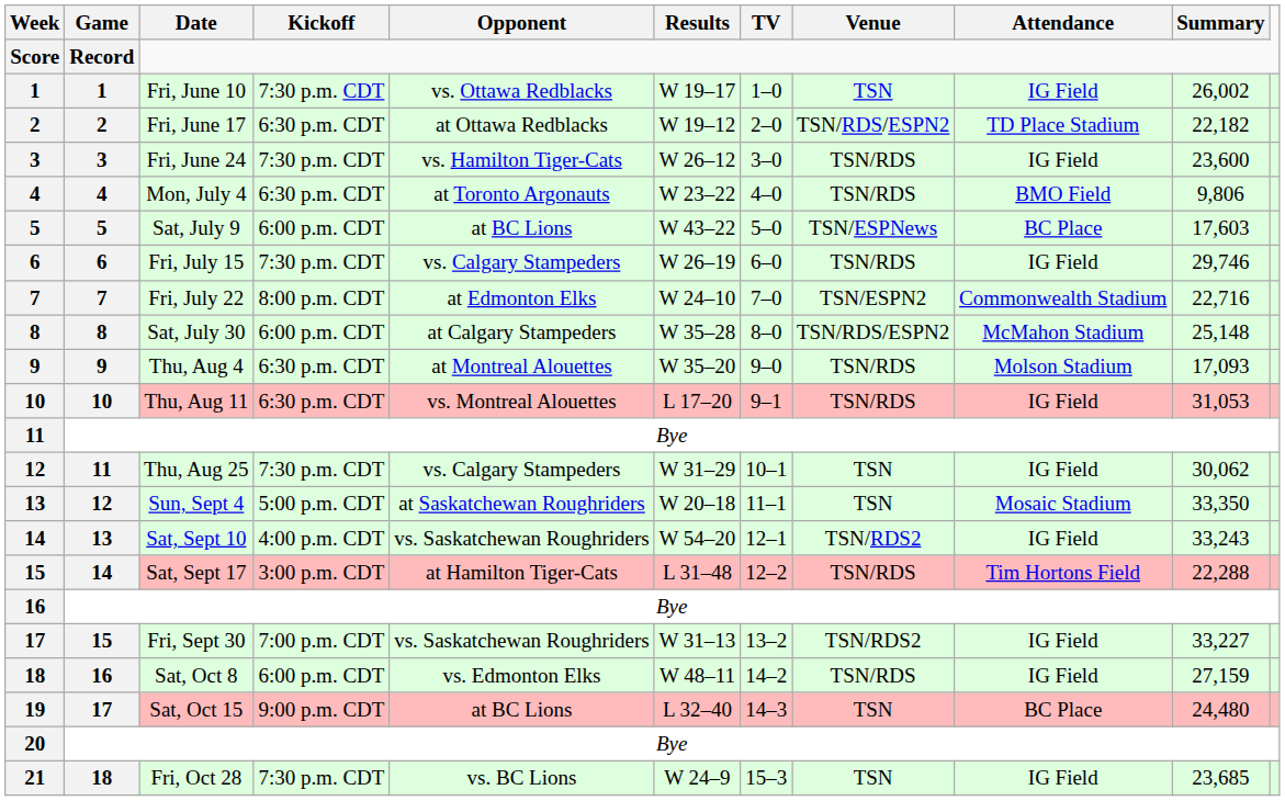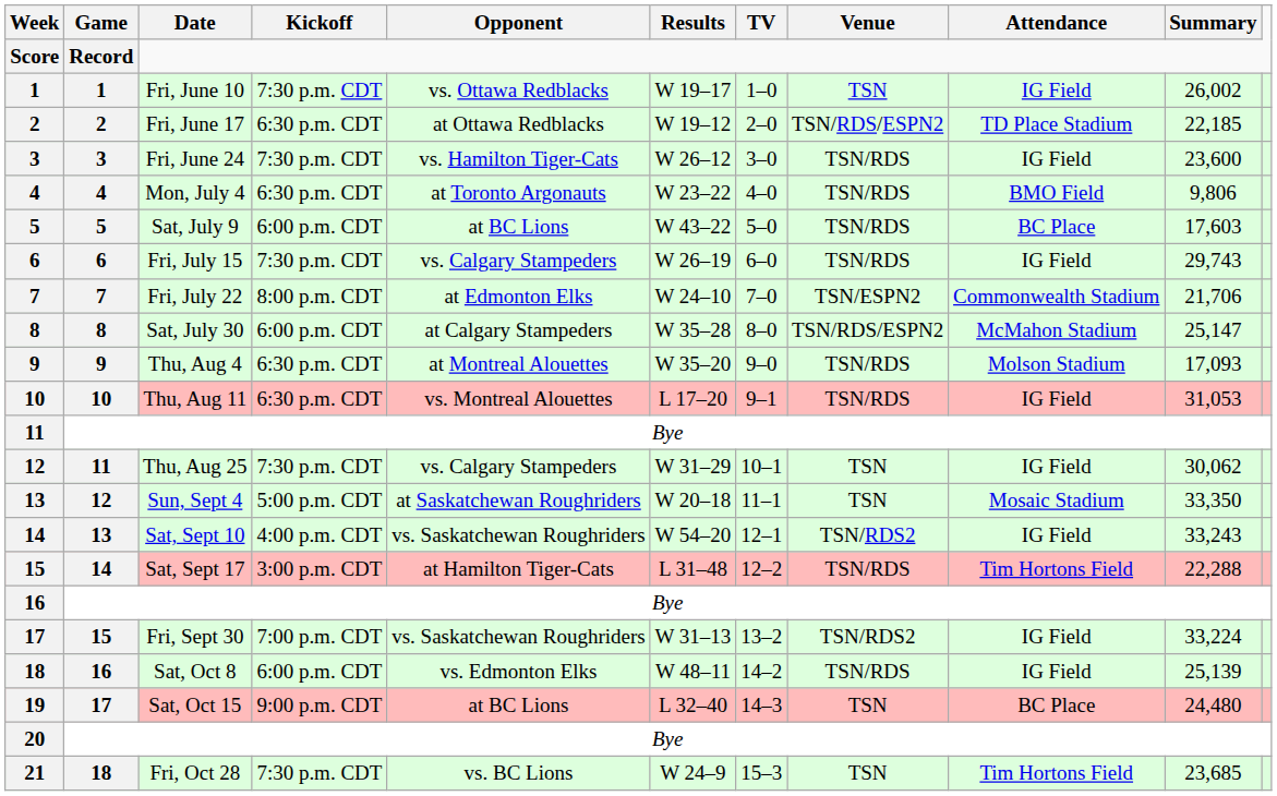 <table class="wikitable" style="font-size: 95%;">
 <tr>
 <th scope="col">Week</th>
 <th scope="col">Game</th>
 <th scope="col">Date</th>
 <th scope="col">Kickoff</th>
 <th scope="col">Opponent</th>
 <th scope="col">Results</th>
 <th scope="col">TV</th>
 <th scope="col">Venue</th>
 <th scope="col">Attendance</th>
 <th scope="col">Summary</th>
 </tr>
 <tr>
 <th scope="col">Score</th>
 <th scope="col">Record</th>
 </tr>
 <tr align="center"= bgcolor="ddffdd">
 <th align="center">1</th>
 <th align="center">1</th>
 <td align="center">Fri, June 10</td>
 <td align="center">7:30 p.m. <a href='#'>CDT</a></td>
 <td align="center">vs. <a href='#'>Ottawa Redblacks</a></td>
 <td align="center">W 19–17</td>
 <td align="center">1–0</td>
 <td align="center"><a href='#'>TSN</a></td>
 <td align="center"><a href='#'>IG Field</a></td>
 <td align="center">26,002</td>
 <td align="center"></td>
 </tr>
 <tr align="center"= bgcolor="ddffdd">
 <th align="center">2</th>
 <th align="center">2</th>
 <td align="center">Fri, June 17</td>
 <td align="center">6:30 p.m. CDT</td>
 <td align="center">at Ottawa Redblacks</td>
 <td align="center">W 19–12</td>
 <td align="center">2–0</td>
 <td align="center">TSN/<a href='#'>RDS</a>/<a href='#'>ESPN2</a></td>
 <td align="center"><a href='#'>TD Place Stadium</a></td>
-<td align="center">22,182</td>
+<td align="center">22,185</td>
 <td align="center"></td>
 </tr>
 <tr align="center"= bgcolor="ddffdd">
 <th align="center">3</th>
 <th align="center">3</th>
 <td align="center">Fri, June 24</td>
 <td align="center">7:30 p.m. CDT</td>
 <td align="center">vs. <a href='#'>Hamilton Tiger-Cats</a></td>
 <td align="center">W 26–12</td>
 <td align="center">3–0</td>
 <td align="center">TSN/RDS</td>
 <td align="center">IG Field</td>
 <td align="center">23,600</td>
 <td align="center"></td>
 </tr>
 <tr align="center"= bgcolor="ddffdd">
 <th align="center">4</th>
 <th align="center">4</th>
 <td align="center">Mon, July 4</td>
 <td align="center">6:30 p.m. CDT</td>
 <td align="center">at <a href='#'>Toronto Argonauts</a></td>
 <td align="center">W 23–22</td>
 <td align="center">4–0</td>
 <td align="center">TSN/RDS</td>
 <td align="center"><a href='#'>BMO Field</a></td>
 <td align="center">9,806</td>
 <td align="center"></td>
 </tr>
 <tr align="center"= bgcolor="ddffdd">
 <th align="center">5</th>
 <th align="center">5</th>
 <td align="center">Sat, July 9</td>
 <td align="center">6:00 p.m. CDT</td>
 <td align="center">at <a href='#'>BC Lions</a></td>
 <td align="center">W 43–22</td>
 <td align="center">5–0</td>
-<td align="center">TSN/<a href='#'>ESPNews</a></td>
+<td align="center">TSN/RDS</td>
 <td align="center"><a href='#'>BC Place</a></td>
 <td align="center">17,603</td>
 <td align="center"></td>
 </tr>
 <tr align="center"= bgcolor="ddffdd">
 <th align="center">6</th>
 <th align="center">6</th>
 <td align="center">Fri, July 15</td>
 <td align="center">7:30 p.m. CDT</td>
 <td align="center">vs. <a href='#'>Calgary Stampeders</a></td>
 <td align="center">W 26–19</td>
 <td align="center">6–0</td>
 <td align="center">TSN/RDS</td>
 <td align="center">IG Field</td>
-<td align="center">29,746</td>
+<td align="center">29,743</td>
 <td align="center"></td>
 </tr>
 <tr align="center"= bgcolor="ddffdd">
 <th align="center">7</th>
 <th align="center">7</th>
 <td align="center">Fri, July 22</td>
 <td align="center">8:00 p.m. CDT</td>
 <td align="center">at <a href='#'>Edmonton Elks</a></td>
 <td align="center">W 24–10</td>
 <td align="center">7–0</td>
 <td align="center">TSN/ESPN2</td>
 <td align="center"><a href='#'>Commonwealth Stadium</a></td>
-<td align="center">22,716</td>
+<td align="center">21,706</td>
 <td align="center"></td>
 </tr>
 <tr align="center"= bgcolor="ddffdd">
 <th align="center">8</th>
 <th align="center">8</th>
 <td align="center">Sat, July 30</td>
 <td align="center">6:00 p.m. CDT</td>
 <td align="center">at Calgary Stampeders</td>
 <td align="center">W 35–28</td>
 <td align="center">8–0</td>
 <td align="center">TSN/RDS/ESPN2</td>
 <td align="center"><a href='#'>McMahon Stadium</a></td>
-<td align="center">25,148</td>
+<td align="center">25,147</td>
 <td align="center"></td>
 </tr>
 <tr align="center"= bgcolor="ddffdd">
 <th align="center">9</th>
 <th align="center">9</th>
 <td align="center">Thu, Aug 4</td>
 <td align="center">6:30 p.m. CDT</td>
 <td align="center">at <a href='#'>Montreal Alouettes</a></td>
 <td align="center">W 35–20</td>
 <td align="center">9–0</td>
 <td align="center">TSN/RDS</td>
 <td align="center"><a href='#'>Molson Stadium</a></td>
 <td align="center">17,093</td>
 <td align="center"></td>
 </tr>
 <tr align="center"= bgcolor="ffbbbb">
 <th align="center">10</th>
 <th align="center">10</th>
 <td align="center">Thu, Aug 11</td>
 <td align="center">6:30 p.m. CDT</td>
 <td align="center">vs. Montreal Alouettes</td>
 <td align="center">L 17–20 </td>
 <td align="center">9–1</td>
 <td align="center">TSN/RDS</td>
 <td align="center">IG Field</td>
 <td align="center">31,053</td>
 <td align="center"></td>
 </tr>
 <tr align="center"= bgcolor="ffffff">
 <th align="center">11</th>
 <td colspan=10 align="center" valign="middle"><em>Bye</em></td>
 </tr>
 <tr align="center"= bgcolor="ddffdd">
 <th align="center">12</th>
 <th align="center">11</th>
 <td align="center">Thu, Aug 25</td>
 <td align="center">7:30 p.m. CDT</td>
 <td align="center">vs. Calgary Stampeders</td>
 <td align="center">W 31–29</td>
 <td align="center">10–1</td>
 <td align="center">TSN</td>
 <td align="center">IG Field</td>
 <td align="center">30,062</td>
 <td align="center"></td>
 </tr>
 <tr align="center"= bgcolor="ddffdd">
 <th align="center">13</th>
 <th align="center">12</th>
 <td align="center"><a href='#'>Sun, Sept 4</a></td>
 <td align="center">5:00 p.m. CDT</td>
 <td align="center">at <a href='#'>Saskatchewan Roughriders</a></td>
 <td align="center">W 20–18</td>
 <td align="center">11–1</td>
 <td align="center">TSN</td>
 <td align="center"><a href='#'>Mosaic Stadium</a></td>
 <td align="center">33,350</td>
 <td align="center"></td>
 </tr>
 <tr align="center"= bgcolor="ddffdd">
 <th align="center">14</th>
 <th align="center">13</th>
 <td align="center"><a href='#'>Sat, Sept 10</a></td>
 <td align="center">4:00 p.m. CDT</td>
 <td align="center">vs. Saskatchewan Roughriders</td>
 <td align="center">W 54–20</td>
 <td align="center">12–1</td>
 <td align="center">TSN/<a href='#'>RDS2</a></td>
 <td align="center">IG Field</td>
 <td align="center">33,243</td>
 <td align="center"></td>
 </tr>
 <tr align="center"= bgcolor="ffbbbb">
 <th align="center">15</th>
 <th align="center">14</th>
 <td align="center">Sat, Sept 17</td>
 <td align="center">3:00 p.m. CDT</td>
 <td align="center">at Hamilton Tiger-Cats</td>
 <td align="center">L 31–48</td>
 <td align="center">12–2</td>
 <td align="center">TSN/RDS</td>
 <td align="center"><a href='#'>Tim Hortons Field</a></td>
 <td align="center">22,288</td>
 <td align="center"></td>
 </tr>
 <tr align="center"= bgcolor="ffffff">
 <th align="center">16</th>
 <td colspan=10 align="center" valign="middle"><em>Bye</em></td>
 </tr>
 <tr align="center"= bgcolor="ddffdd">
 <th align="center">17</th>
 <th align="center">15</th>
 <td align="center">Fri, Sept 30</td>
 <td align="center">7:00 p.m. CDT</td>
 <td align="center">vs. Saskatchewan Roughriders</td>
 <td align="center">W 31–13</td>
 <td align="center">13–2</td>
 <td align="center">TSN/RDS2</td>
 <td align="center">IG Field</td>
-<td align="center">33,227</td>
+<td align="center">33,224</td>
 <td align="center"></td>
 </tr>
 <tr align="center"= bgcolor="ddffdd">
 <th align="center">18</th>
 <th align="center">16</th>
 <td align="center">Sat, Oct 8</td>
 <td align="center">6:00 p.m. CDT</td>
 <td align="center">vs. Edmonton Elks</td>
 <td align="center">W 48–11</td>
 <td align="center">14–2</td>
 <td align="center">TSN/RDS</td>
 <td align="center">IG Field</td>
-<td align="center">27,159</td>
+<td align="center">25,139</td>
 <td align="center"></td>
 </tr>
 <tr align="center"= bgcolor="ffbbbb">
 <th align="center">19</th>
 <th align="center">17</th>
 <td align="center">Sat, Oct 15</td>
 <td align="center">9:00 p.m. CDT</td>
 <td align="center">at BC Lions</td>
 <td align="center">L 32–40</td>
 <td align="center">14–3</td>
 <td align="center">TSN</td>
 <td align="center">BC Place</td>
 <td align="center">24,480</td>
 <td align="center"></td>
 </tr>
 <tr align="center"= bgcolor="ffffff">
 <th align="center">20</th>
 <td colspan=10 align="center" valign="middle"><em>Bye</em></td>
 </tr>
 <tr align="center"= bgcolor="ddffdd">
 <th align="center">21</th>
 <th align="center">18</th>
 <td align="center">Fri, Oct 28</td>
 <td align="center">7:30 p.m. CDT</td>
 <td align="center">vs. BC Lions</td>
 <td align="center">W 24–9</td>
 <td align="center">15–3</td>
 <td align="center">TSN</td>
-<td align="center">IG Field</td>
+<td align="center"><a href='#'>Tim Hortons Field</a></td>
 <td align="center">23,685</td>
 <td align="center"></td>
 </tr>
 </table>
